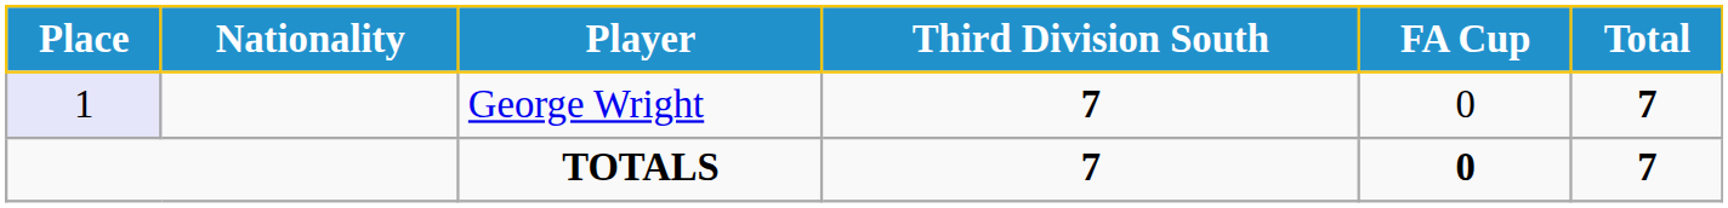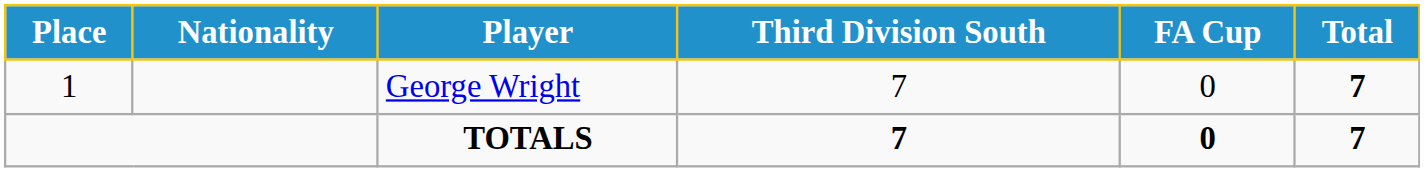 <table class="wikitable" style="text-align:center; font-size:90%; width:100%;">
 <tr>
 <th style="background:#2191CC; color:white; border:1px solid #F7C408; text-align:center;">Place</th>
 <th style="background:#2191CC; color:white; border:1px solid #F7C408; text-align:center;">Nationality</th>
 <th style="background:#2191CC; color:white; border:1px solid #F7C408; text-align:center;">Player</th>
 <th style="background:#2191CC; color:white; border:1px solid #F7C408; text-align:center;">Third Division South</th>
 <th style="background:#2191CC; color:white; border:1px solid #F7C408; text-align:center;">FA Cup</th>
 <th style="background:#2191CC; color:white; border:1px solid #F7C408; text-align:center;">Total</th>
 </tr>
 <tr>
-<td style="background: lavender;">1</td>
+<td>1</td>
 <td></td>
 <td align="left"><a href='#'>George Wright</a></td>
-<td><strong>7</strong></td>
+<td>7</td>
 <td>0</td>
 <td><strong>7</strong></td>
 </tr>
 <tr>
 <td colspan="2"></td>
 <td><strong>TOTALS</strong></td>
 <td><strong>7</strong></td>
 <td><strong>0</strong></td>
 <td><strong>7</strong></td>
 </tr>
 </table>
